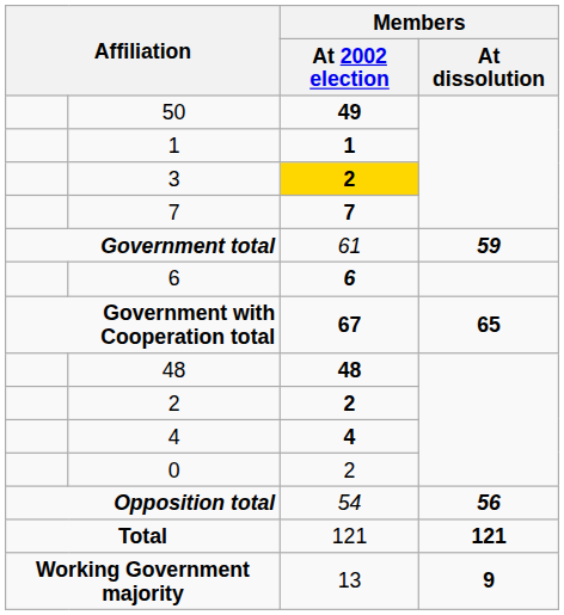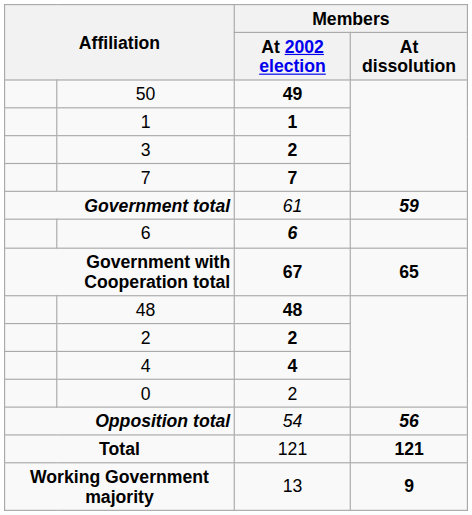 <table class="wikitable" border="1" style="font-size:95%; width:300pt; text-align:center">
 <tr>
 <th colspan="2" rowspan="2" style="text-align:center;vertical-align:middle; ">Affiliation</th>
 <th colspan="2" style="vertical-align:top;">Members</th>
 </tr>
 <tr>
 <th>At <a href='#'>2002 election</a></th>
 <th>At dissolution</th>
 </tr>
 <tr>
 <td></td>
 <td>50</td>
 <td><strong>49</strong></td>
 </tr>
 <tr>
 <td></td>
 <td>1</td>
 <td><strong>1</strong></td>
 </tr>
 <tr>
 <td> </td>
 <td>3</td>
-<td style="background: gold;"><strong>2</strong></td>
+<td><strong>2</strong></td>
 </tr>
 <tr>
 <td> </td>
 <td>7</td>
 <td><strong>7</strong></td>
 </tr>
 <tr>
 <td colspan="2" rowspan="1" style="text-align:right; "><strong><em>Government total</em></strong></td>
 <td><em>61</em></td>
 <td><strong><em>59</em></strong></td>
 </tr>
 <tr>
 <td> </td>
 <td>6</td>
 <td><strong><em>6</em></strong></td>
 </tr>
 <tr>
 <td colspan="2" style="text-align:right; "><strong>Government with Cooperation total</strong></td>
 <td><strong>67</strong></td>
 <td><strong>65</strong></td>
 </tr>
 <tr>
 <td></td>
 <td>48</td>
 <td><strong>48</strong></td>
 </tr>
 <tr>
 <td></td>
 <td>2</td>
 <td><strong>2</strong></td>
 </tr>
 <tr>
 <td></td>
 <td>4</td>
 <td><strong>4</strong></td>
 </tr>
 <tr>
 <td></td>
 <td>0</td>
 <td>2</td>
 </tr>
 <tr>
 <td colspan="2" rowspan="1" style="text-align:right; "><strong><em>Opposition total</em></strong></td>
 <td><em>54</em></td>
 <td><strong><em>56</em></strong></td>
 </tr>
 <tr>
 <td colspan="2" rowspan="1"><strong>Total</strong><br></td>
 <td>121</td>
 <td><strong>121</strong></td>
 </tr>
 <tr>
 <td colspan="2" rowspan="1"><strong>Working Government majority</strong> </td>
 <td>13</td>
 <td><strong>9</strong></td>
 </tr>
 </table>
